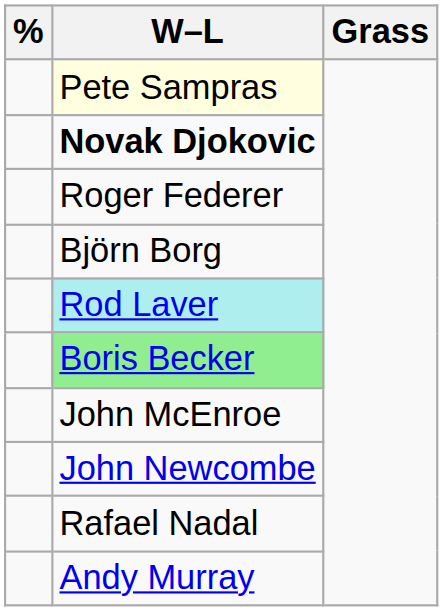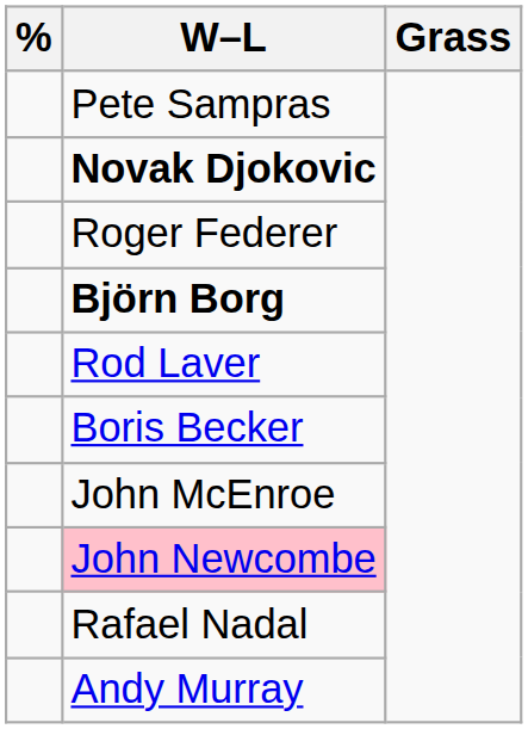 <table class="wikitable" style="display:inline-table;">
 <tr>
 <th>%</th>
 <th>W–L</th>
 <th>Grass</th>
 </tr>
 <tr>
 <td></td>
-<td style="background: lightyellow;"> Pete Sampras</td>
+<td> Pete Sampras</td>
 </tr>
 <tr>
 <td></td>
 <td> <strong>Novak Djokovic</strong></td>
 </tr>
 <tr>
 <td></td>
 <td> Roger Federer</td>
 </tr>
 <tr>
 <td> </td>
-<td> Björn Borg</td>
+<td><strong> Björn Borg</strong></td>
 </tr>
 <tr>
 <td></td>
-<td style="background: paleturquoise;"> <a href='#'>Rod Laver</a></td>
+<td> <a href='#'>Rod Laver</a></td>
 </tr>
 <tr>
 <td></td>
-<td style="background: lightgreen;"> <a href='#'>Boris Becker</a></td>
+<td> <a href='#'>Boris Becker</a></td>
 </tr>
 <tr>
 <td></td>
 <td> John McEnroe</td>
 </tr>
 <tr>
 <td></td>
-<td> <a href='#'>John Newcombe</a></td>
+<td style="background: pink;"> <a href='#'>John Newcombe</a></td>
 </tr>
 <tr>
 <td></td>
 <td> Rafael Nadal</td>
 </tr>
 <tr>
 <td></td>
 <td> <a href='#'>Andy Murray</a><br></td>
 </tr>
 </table>
